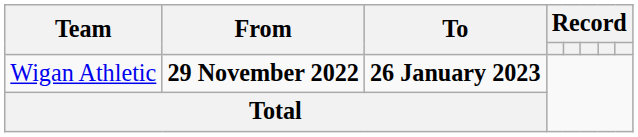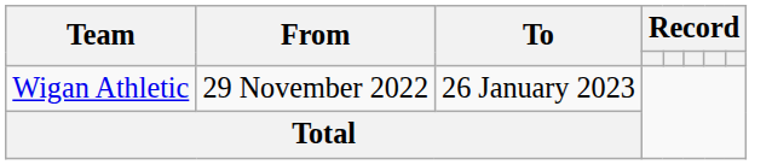 <table class=wikitable style=text-align:center>
 <tr>
 <th rowspan=2>Team</th>
 <th rowspan=2>From</th>
 <th rowspan=2>To</th>
 <th colspan=5>Record</th>
 </tr>
 <tr>
 <th></th>
 <th></th>
 <th></th>
 <th></th>
 <th></th>
 </tr>
 <tr>
 <td align=left><a href='#'>Wigan Athletic</a></td>
-<td align=left><strong>29 November 2022</strong></td>
-<td align=left><strong>26 January 2023<br></strong></td>
+<td align=left>29 November 2022</td>
+<td align=left>26 January 2023<br></td>
 </tr>
 <tr>
 <th colspan=3>Total<br></th>
 </tr>
 </table>
